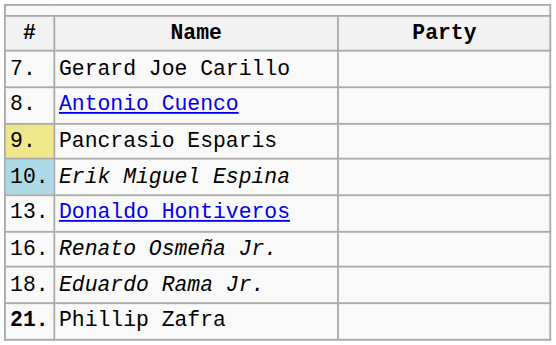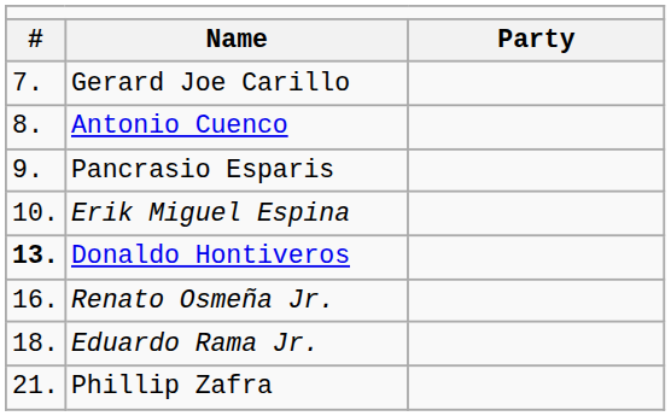 <table class=wikitable style="font-size:90%">
 <tr>
 <td colspan=4 bgcolor=></td>
 </tr>
 <tr>
 <th>#</th>
 <th width=150px>Name</th>
 <th colspan=2 width=110px>Party</th>
 </tr>
 <tr>
 <td>7.</td>
 <td>Gerard Joe Carillo</td>
 <td></td>
 </tr>
 <tr>
 <td>8.</td>
 <td><a href='#'>Antonio Cuenco</a></td>
 <td></td>
 </tr>
 <tr>
-<td style="background: khaki;">9.</td>
+<td>9.</td>
 <td>Pancrasio Esparis</td>
 <td></td>
 </tr>
 <tr>
-<td style="background: lightblue;">10.</td>
+<td>10.</td>
 <td><em>Erik Miguel Espina</em></td>
 <td></td>
 </tr>
 <tr>
-<td>13.</td>
+<td><strong>13.</strong></td>
 <td><a href='#'>Donaldo Hontiveros</a></td>
 <td></td>
 </tr>
 <tr>
 <td>16.</td>
 <td><em>Renato Osmeña Jr.</em></td>
 <td></td>
 </tr>
 <tr>
 <td>18.</td>
 <td><em>Eduardo Rama Jr.</em></td>
 <td></td>
 </tr>
 <tr>
-<td><strong>21.</strong></td>
+<td>21.</td>
 <td>Phillip Zafra</td>
 <td></td>
 </tr>
 </table>
